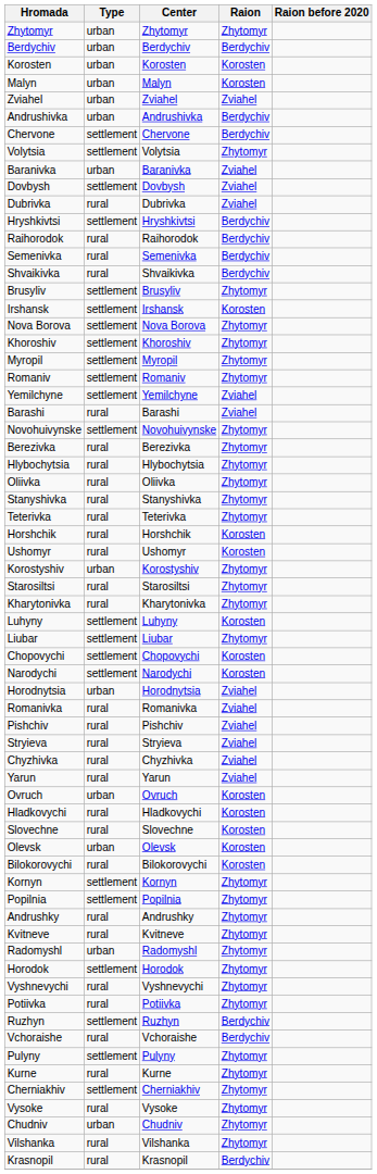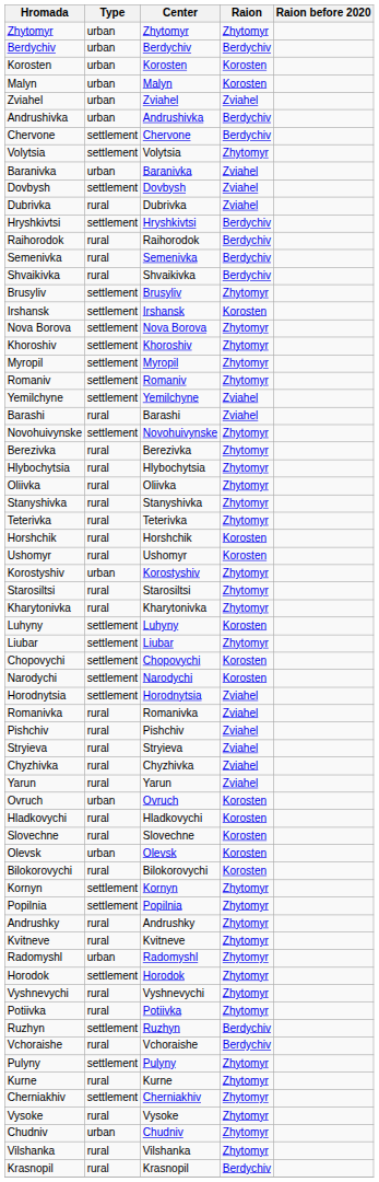 <table class='wikitable sortable'>
 <tr>
 <th>Hromada</th>
 <th>Type</th>
 <th>Center</th>
 <th>Raion</th>
 <th>Raion before 2020</th>
 </tr>
 <tr>
 <td><a href='#'>Zhytomyr</a></td>
 <td>urban</td>
 <td><a href='#'>Zhytomyr</a></td>
 <td><a href='#'>Zhytomyr</a></td>
 <td></td>
 </tr>
 <tr>
 <td><a href='#'>Berdychiv</a></td>
 <td>urban</td>
 <td><a href='#'>Berdychiv</a></td>
 <td><a href='#'>Berdychiv</a></td>
 <td></td>
 </tr>
 <tr>
 <td>Korosten</td>
 <td>urban</td>
 <td><a href='#'>Korosten</a></td>
 <td><a href='#'>Korosten</a></td>
 <td></td>
 </tr>
 <tr>
 <td>Malyn</td>
 <td>urban</td>
 <td><a href='#'>Malyn</a></td>
 <td><a href='#'>Korosten</a></td>
 <td></td>
 </tr>
 <tr>
 <td>Zviahel</td>
 <td>urban</td>
 <td><a href='#'>Zviahel</a></td>
 <td><a href='#'>Zviahel</a></td>
 <td></td>
 </tr>
 <tr>
 <td>Andrushivka</td>
 <td>urban</td>
 <td><a href='#'>Andrushivka</a></td>
 <td><a href='#'>Berdychiv</a></td>
 <td></td>
 </tr>
 <tr>
 <td>Chervone</td>
 <td>settlement</td>
 <td><a href='#'>Chervone</a></td>
 <td><a href='#'>Berdychiv</a></td>
 <td></td>
 </tr>
 <tr>
 <td>Volytsia</td>
 <td>settlement</td>
 <td>Volytsia</td>
 <td><a href='#'>Zhytomyr</a></td>
 <td></td>
 </tr>
 <tr>
 <td>Baranivka</td>
 <td>urban</td>
 <td><a href='#'>Baranivka</a></td>
 <td><a href='#'>Zviahel</a></td>
 <td></td>
 </tr>
 <tr>
 <td>Dovbysh</td>
 <td>settlement</td>
 <td><a href='#'>Dovbysh</a></td>
 <td><a href='#'>Zviahel</a></td>
 <td></td>
 </tr>
 <tr>
 <td>Dubrivka</td>
 <td>rural</td>
 <td>Dubrivka</td>
 <td><a href='#'>Zviahel</a></td>
 <td></td>
 </tr>
 <tr>
 <td>Hryshkivtsi</td>
 <td>settlement</td>
 <td><a href='#'>Hryshkivtsi</a></td>
 <td><a href='#'>Berdychiv</a></td>
 <td></td>
 </tr>
 <tr>
 <td>Raihorodok</td>
 <td>rural</td>
 <td>Raihorodok</td>
 <td><a href='#'>Berdychiv</a></td>
 <td></td>
 </tr>
 <tr>
 <td>Semenivka</td>
 <td>rural</td>
 <td><a href='#'>Semenivka</a></td>
 <td><a href='#'>Berdychiv</a></td>
 <td></td>
 </tr>
 <tr>
 <td>Shvaikivka</td>
 <td>rural</td>
 <td>Shvaikivka</td>
 <td><a href='#'>Berdychiv</a></td>
 <td></td>
 </tr>
 <tr>
 <td>Brusyliv</td>
 <td>settlement</td>
 <td><a href='#'>Brusyliv</a></td>
 <td><a href='#'>Zhytomyr</a></td>
 <td></td>
 </tr>
 <tr>
 <td>Irshansk</td>
 <td>settlement</td>
 <td><a href='#'>Irshansk</a></td>
 <td><a href='#'>Korosten</a></td>
 <td></td>
 </tr>
 <tr>
 <td>Nova Borova</td>
 <td>settlement</td>
 <td><a href='#'>Nova Borova</a></td>
 <td><a href='#'>Zhytomyr</a></td>
 <td></td>
 </tr>
 <tr>
 <td>Khoroshiv</td>
 <td>settlement</td>
 <td><a href='#'>Khoroshiv</a></td>
 <td><a href='#'>Zhytomyr</a></td>
 <td></td>
 </tr>
 <tr>
 <td>Myropil</td>
 <td>settlement</td>
 <td><a href='#'>Myropil</a></td>
 <td><a href='#'>Zhytomyr</a></td>
 <td></td>
 </tr>
 <tr>
 <td>Romaniv</td>
 <td>settlement</td>
 <td><a href='#'>Romaniv</a></td>
 <td><a href='#'>Zhytomyr</a></td>
 <td></td>
 </tr>
 <tr>
 <td>Yemilchyne</td>
 <td>settlement</td>
 <td><a href='#'>Yemilchyne</a></td>
 <td><a href='#'>Zviahel</a></td>
 <td></td>
 </tr>
 <tr>
 <td>Barashi</td>
 <td>rural</td>
 <td>Barashi</td>
 <td><a href='#'>Zviahel</a></td>
 <td></td>
 </tr>
 <tr>
 <td>Novohuivynske</td>
 <td>settlement</td>
 <td><a href='#'>Novohuivynske</a></td>
 <td><a href='#'>Zhytomyr</a></td>
 <td></td>
 </tr>
 <tr>
 <td>Berezivka</td>
 <td>rural</td>
 <td>Berezivka</td>
 <td><a href='#'>Zhytomyr</a></td>
 <td></td>
 </tr>
 <tr>
 <td>Hlybochytsia</td>
 <td>rural</td>
 <td>Hlybochytsia</td>
 <td><a href='#'>Zhytomyr</a></td>
 <td></td>
 </tr>
 <tr>
 <td>Oliivka</td>
 <td>rural</td>
 <td>Oliivka</td>
 <td><a href='#'>Zhytomyr</a></td>
 <td></td>
 </tr>
 <tr>
 <td>Stanyshivka</td>
 <td>rural</td>
 <td>Stanyshivka</td>
 <td><a href='#'>Zhytomyr</a></td>
 <td></td>
 </tr>
 <tr>
 <td>Teterivka</td>
 <td>rural</td>
 <td>Teterivka</td>
 <td><a href='#'>Zhytomyr</a></td>
 <td></td>
 </tr>
 <tr>
 <td>Horshchik</td>
 <td>rural</td>
 <td>Horshchik</td>
 <td><a href='#'>Korosten</a></td>
 <td></td>
 </tr>
 <tr>
 <td>Ushomyr</td>
 <td>rural</td>
 <td>Ushomyr</td>
 <td><a href='#'>Korosten</a></td>
 <td></td>
 </tr>
 <tr>
 <td>Korostyshiv</td>
 <td>urban</td>
 <td><a href='#'>Korostyshiv</a></td>
 <td><a href='#'>Zhytomyr</a></td>
 <td></td>
 </tr>
 <tr>
 <td>Starosiltsi</td>
 <td>rural</td>
 <td>Starosiltsi</td>
 <td><a href='#'>Zhytomyr</a></td>
 <td></td>
 </tr>
 <tr>
 <td>Kharytonivka</td>
 <td>rural</td>
 <td>Kharytonivka</td>
 <td><a href='#'>Zhytomyr</a></td>
 <td></td>
 </tr>
 <tr>
 <td>Luhyny</td>
 <td>settlement</td>
 <td><a href='#'>Luhyny</a></td>
 <td><a href='#'>Korosten</a></td>
 <td></td>
 </tr>
 <tr>
 <td>Liubar</td>
 <td>settlement</td>
 <td><a href='#'>Liubar</a></td>
 <td><a href='#'>Zhytomyr</a></td>
 <td></td>
 </tr>
 <tr>
 <td>Chopovychi</td>
 <td>settlement</td>
 <td><a href='#'>Chopovychi</a></td>
 <td><a href='#'>Korosten</a></td>
 <td></td>
 </tr>
 <tr>
 <td>Narodychi</td>
 <td>settlement</td>
 <td><a href='#'>Narodychi</a></td>
 <td><a href='#'>Korosten</a></td>
 <td></td>
 </tr>
 <tr>
 <td>Horodnytsia</td>
-<td>urban</td>
+<td>settlement</td>
 <td><a href='#'>Horodnytsia</a></td>
 <td><a href='#'>Zviahel</a></td>
 <td></td>
 </tr>
 <tr>
 <td>Romanivka</td>
 <td>rural</td>
 <td>Romanivka</td>
 <td><a href='#'>Zviahel</a></td>
 <td></td>
 </tr>
 <tr>
 <td>Pishchiv</td>
 <td>rural</td>
 <td>Pishchiv</td>
 <td><a href='#'>Zviahel</a></td>
 <td></td>
 </tr>
 <tr>
 <td>Stryieva</td>
 <td>rural</td>
 <td>Stryieva</td>
 <td><a href='#'>Zviahel</a></td>
 <td></td>
 </tr>
 <tr>
 <td>Chyzhivka</td>
 <td>rural</td>
 <td>Chyzhivka</td>
 <td><a href='#'>Zviahel</a></td>
 <td></td>
 </tr>
 <tr>
 <td>Yarun</td>
 <td>rural</td>
 <td>Yarun</td>
 <td><a href='#'>Zviahel</a></td>
 <td></td>
 </tr>
 <tr>
 <td>Ovruch</td>
 <td>urban</td>
 <td><a href='#'>Ovruch</a></td>
 <td><a href='#'>Korosten</a></td>
 <td></td>
 </tr>
 <tr>
 <td>Hladkovychi</td>
 <td>rural</td>
 <td>Hladkovychi</td>
 <td><a href='#'>Korosten</a></td>
 <td></td>
 </tr>
 <tr>
 <td>Slovechne</td>
 <td>rural</td>
 <td>Slovechne</td>
 <td><a href='#'>Korosten</a></td>
 <td></td>
 </tr>
 <tr>
 <td>Olevsk</td>
 <td>urban</td>
 <td><a href='#'>Olevsk</a></td>
 <td><a href='#'>Korosten</a></td>
 <td></td>
 </tr>
 <tr>
 <td>Bilokorovychi</td>
 <td>rural</td>
 <td>Bilokorovychi</td>
 <td><a href='#'>Korosten</a></td>
 <td></td>
 </tr>
 <tr>
 <td>Kornyn</td>
 <td>settlement</td>
 <td><a href='#'>Kornyn</a></td>
 <td><a href='#'>Zhytomyr</a></td>
 <td></td>
 </tr>
 <tr>
 <td>Popilnia</td>
 <td>settlement</td>
 <td><a href='#'>Popilnia</a></td>
 <td><a href='#'>Zhytomyr</a></td>
 <td></td>
 </tr>
 <tr>
 <td>Andrushky</td>
 <td>rural</td>
 <td>Andrushky</td>
 <td><a href='#'>Zhytomyr</a></td>
 <td></td>
 </tr>
 <tr>
 <td>Kvitneve</td>
 <td>rural</td>
 <td>Kvitneve</td>
 <td><a href='#'>Zhytomyr</a></td>
 <td></td>
 </tr>
 <tr>
 <td>Radomyshl</td>
 <td>urban</td>
 <td><a href='#'>Radomyshl</a></td>
 <td><a href='#'>Zhytomyr</a></td>
 <td></td>
 </tr>
 <tr>
 <td>Horodok</td>
 <td>settlement</td>
 <td><a href='#'>Horodok</a></td>
 <td><a href='#'>Zhytomyr</a></td>
 <td></td>
 </tr>
 <tr>
 <td>Vyshnevychi</td>
 <td>rural</td>
 <td>Vyshnevychi</td>
 <td><a href='#'>Zhytomyr</a></td>
 <td></td>
 </tr>
 <tr>
 <td>Potiivka</td>
 <td>rural</td>
 <td><a href='#'>Potiivka</a></td>
 <td><a href='#'>Zhytomyr</a></td>
 <td></td>
 </tr>
 <tr>
 <td>Ruzhyn</td>
 <td>settlement</td>
 <td><a href='#'>Ruzhyn</a></td>
 <td><a href='#'>Berdychiv</a></td>
 <td></td>
 </tr>
 <tr>
 <td>Vchoraishe</td>
 <td>rural</td>
 <td>Vchoraishe</td>
 <td><a href='#'>Berdychiv</a></td>
 <td></td>
 </tr>
 <tr>
 <td>Pulyny</td>
 <td>settlement</td>
 <td><a href='#'>Pulyny</a></td>
 <td><a href='#'>Zhytomyr</a></td>
 <td></td>
 </tr>
 <tr>
 <td>Kurne</td>
 <td>rural</td>
 <td>Kurne</td>
 <td><a href='#'>Zhytomyr</a></td>
 <td></td>
 </tr>
 <tr>
 <td>Cherniakhiv</td>
 <td>settlement</td>
 <td><a href='#'>Cherniakhiv</a></td>
 <td><a href='#'>Zhytomyr</a></td>
 <td></td>
 </tr>
 <tr>
 <td>Vysoke</td>
 <td>rural</td>
 <td>Vysoke</td>
 <td><a href='#'>Zhytomyr</a></td>
 <td></td>
 </tr>
 <tr>
 <td>Chudniv</td>
 <td>urban</td>
 <td><a href='#'>Chudniv</a></td>
 <td><a href='#'>Zhytomyr</a></td>
 <td></td>
 </tr>
 <tr>
 <td>Vilshanka</td>
 <td>rural</td>
 <td>Vilshanka</td>
 <td><a href='#'>Zhytomyr</a></td>
 <td></td>
 </tr>
 <tr>
 <td>Krasnopil</td>
 <td>rural</td>
 <td>Krasnopil</td>
 <td><a href='#'>Berdychiv</a></td>
 <td></td>
 </tr>
 <tr>
 </tr>
 </table>
